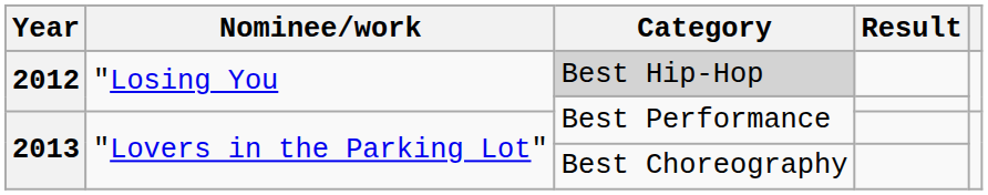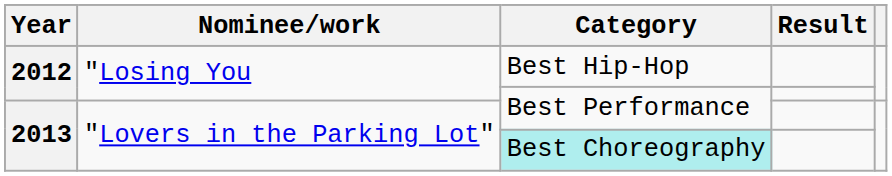 <table class="wikitable sortable plainrowheaders">
 <tr>
 <th scope="col">Year</th>
 <th scope="col">Nominee/work</th>
 <th scope="col">Category</th>
 <th scope="col">Result</th>
 <th scope="col"></th>
 </tr>
 <tr>
 <th scope="row" rowspan="2">2012</th>
 <td rowspan="2">"<a href='#'>Losing You</a></td>
-<td style="background: lightgrey;">Best Hip-Hop</td>
+<td>Best Hip-Hop</td>
 <td></td>
 <td rowspan="2" align="center"></td>
 </tr>
 <tr>
 <td rowspan="2">Best Performance</td>
 <td></td>
 </tr>
 <tr>
 <th scope="row" rowspan="2">2013</th>
 <td rowspan="2">"<a href='#'>Lovers in the Parking Lot</a>"</td>
 <td></td>
 <td rowspan="2" align="center"></td>
 </tr>
 <tr>
-<td>Best Choreography</td>
+<td style="background: paleturquoise;">Best Choreography</td>
 <td></td>
 </tr>
 </table>
